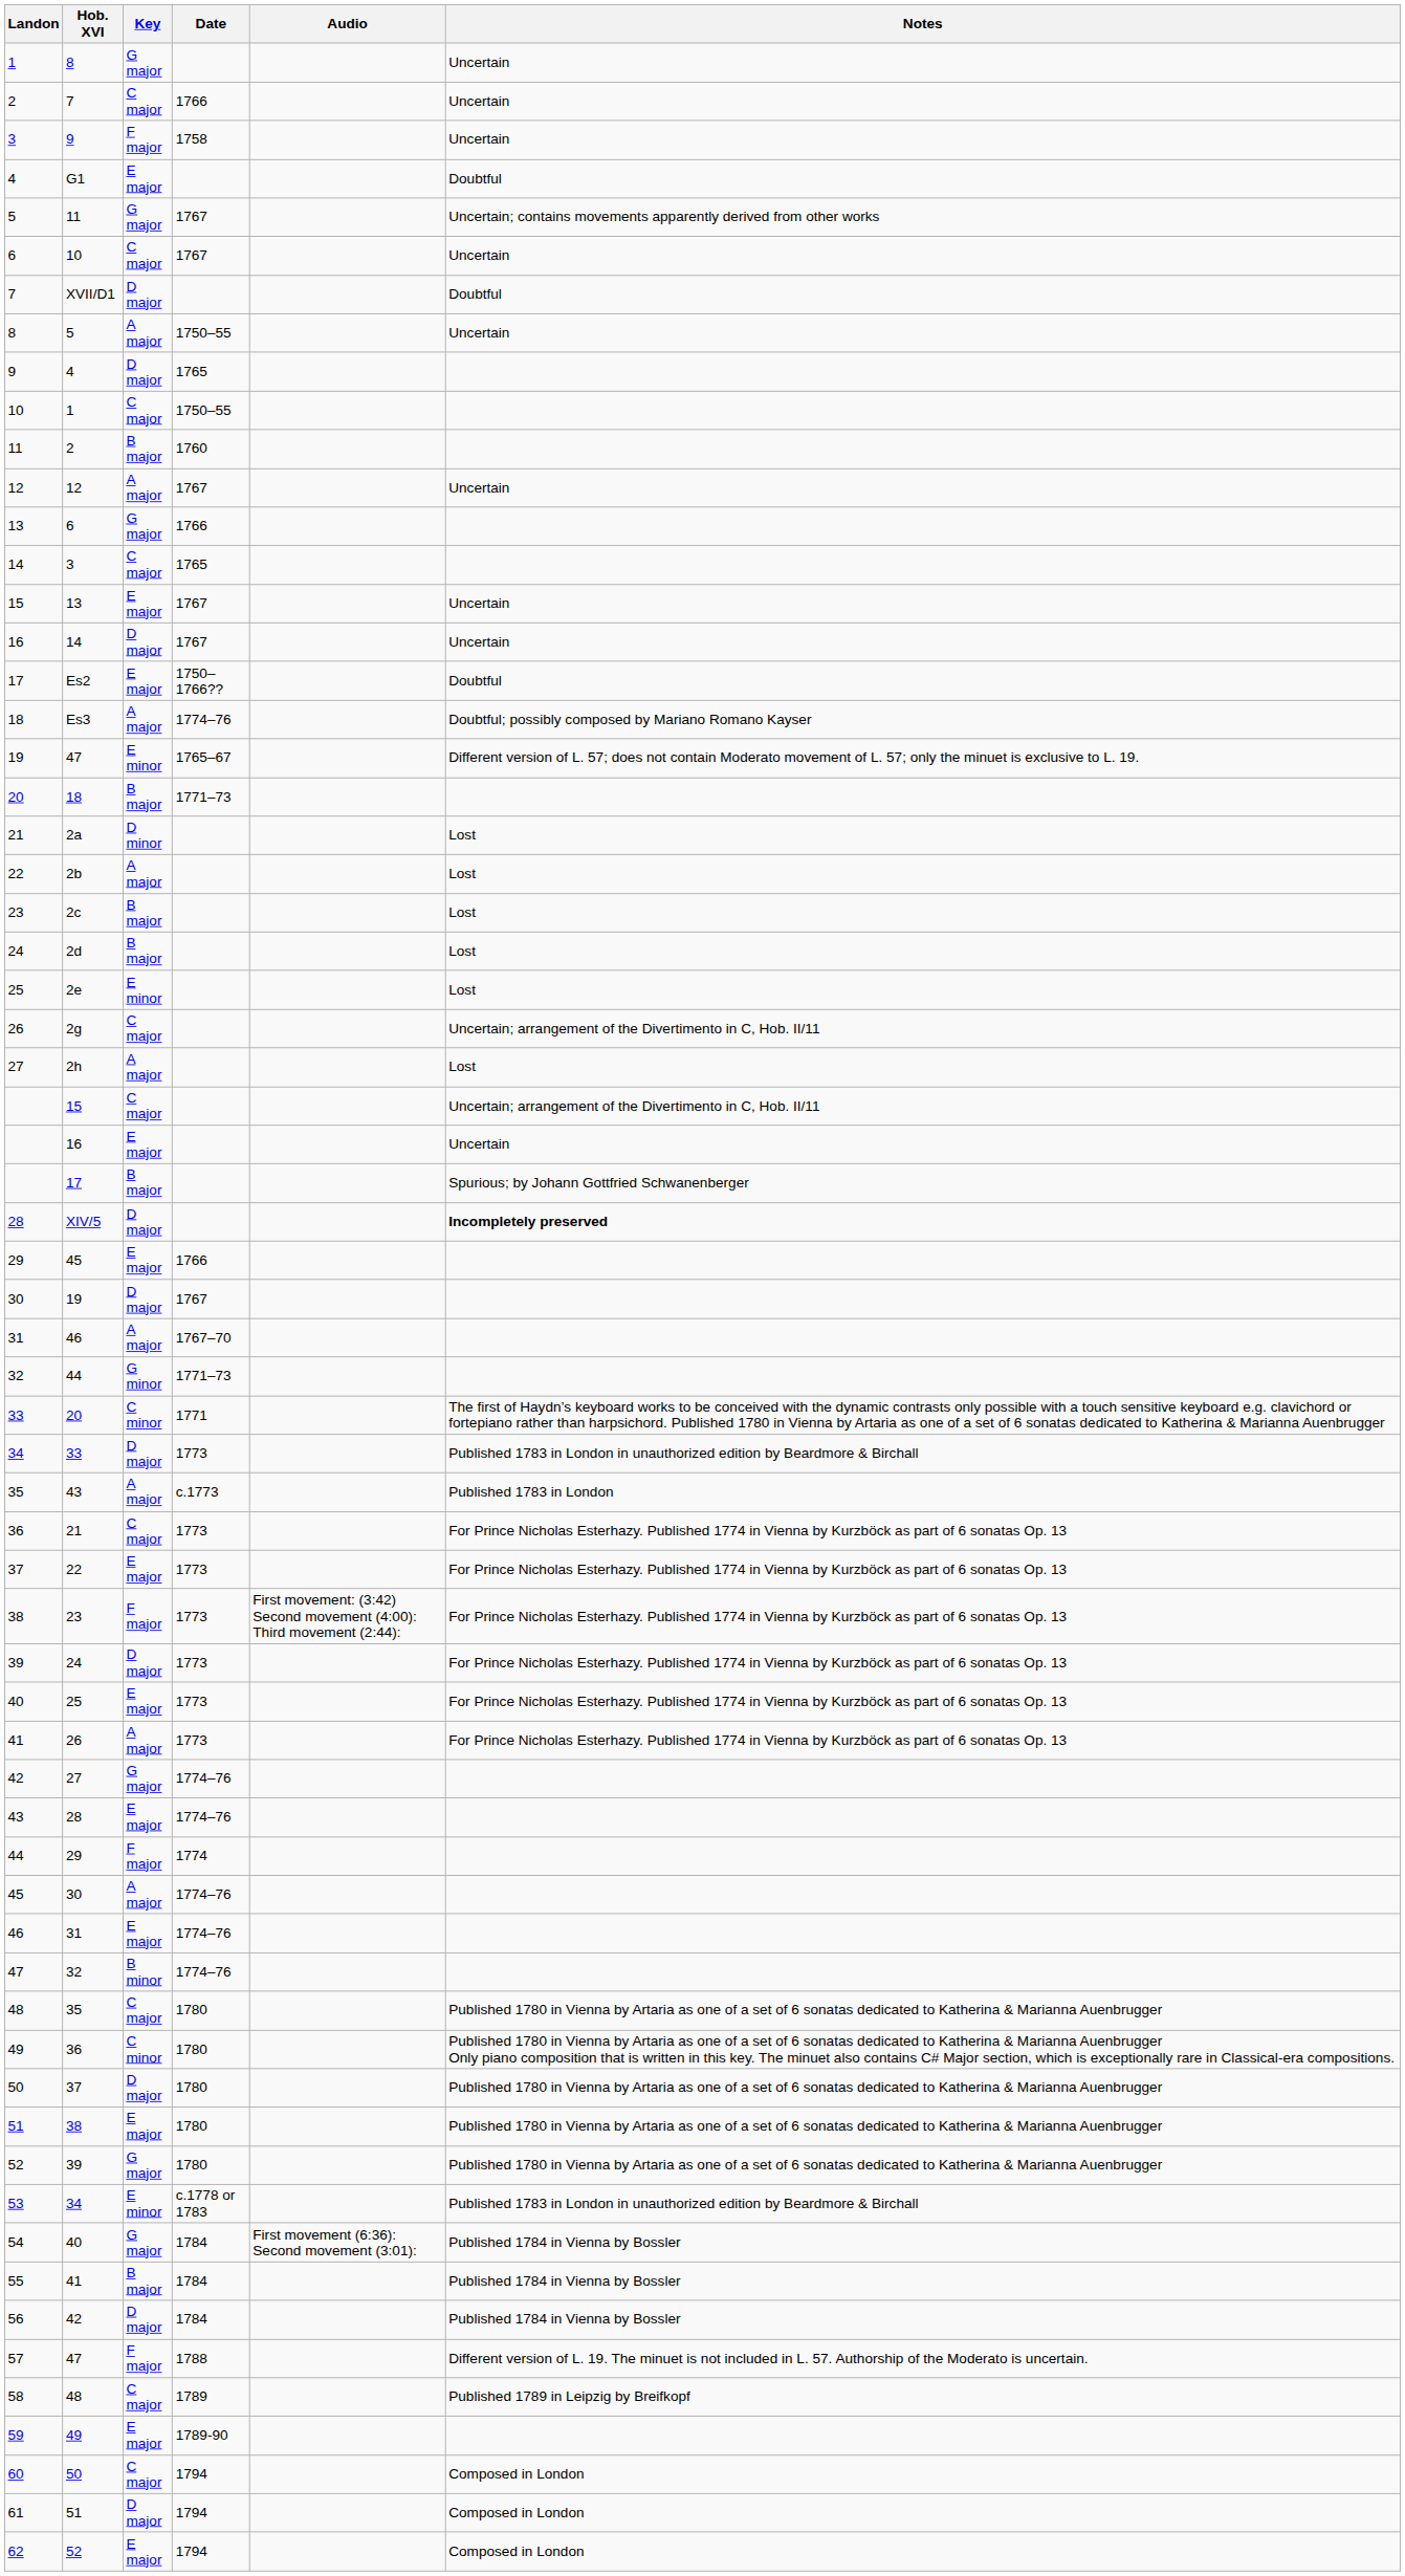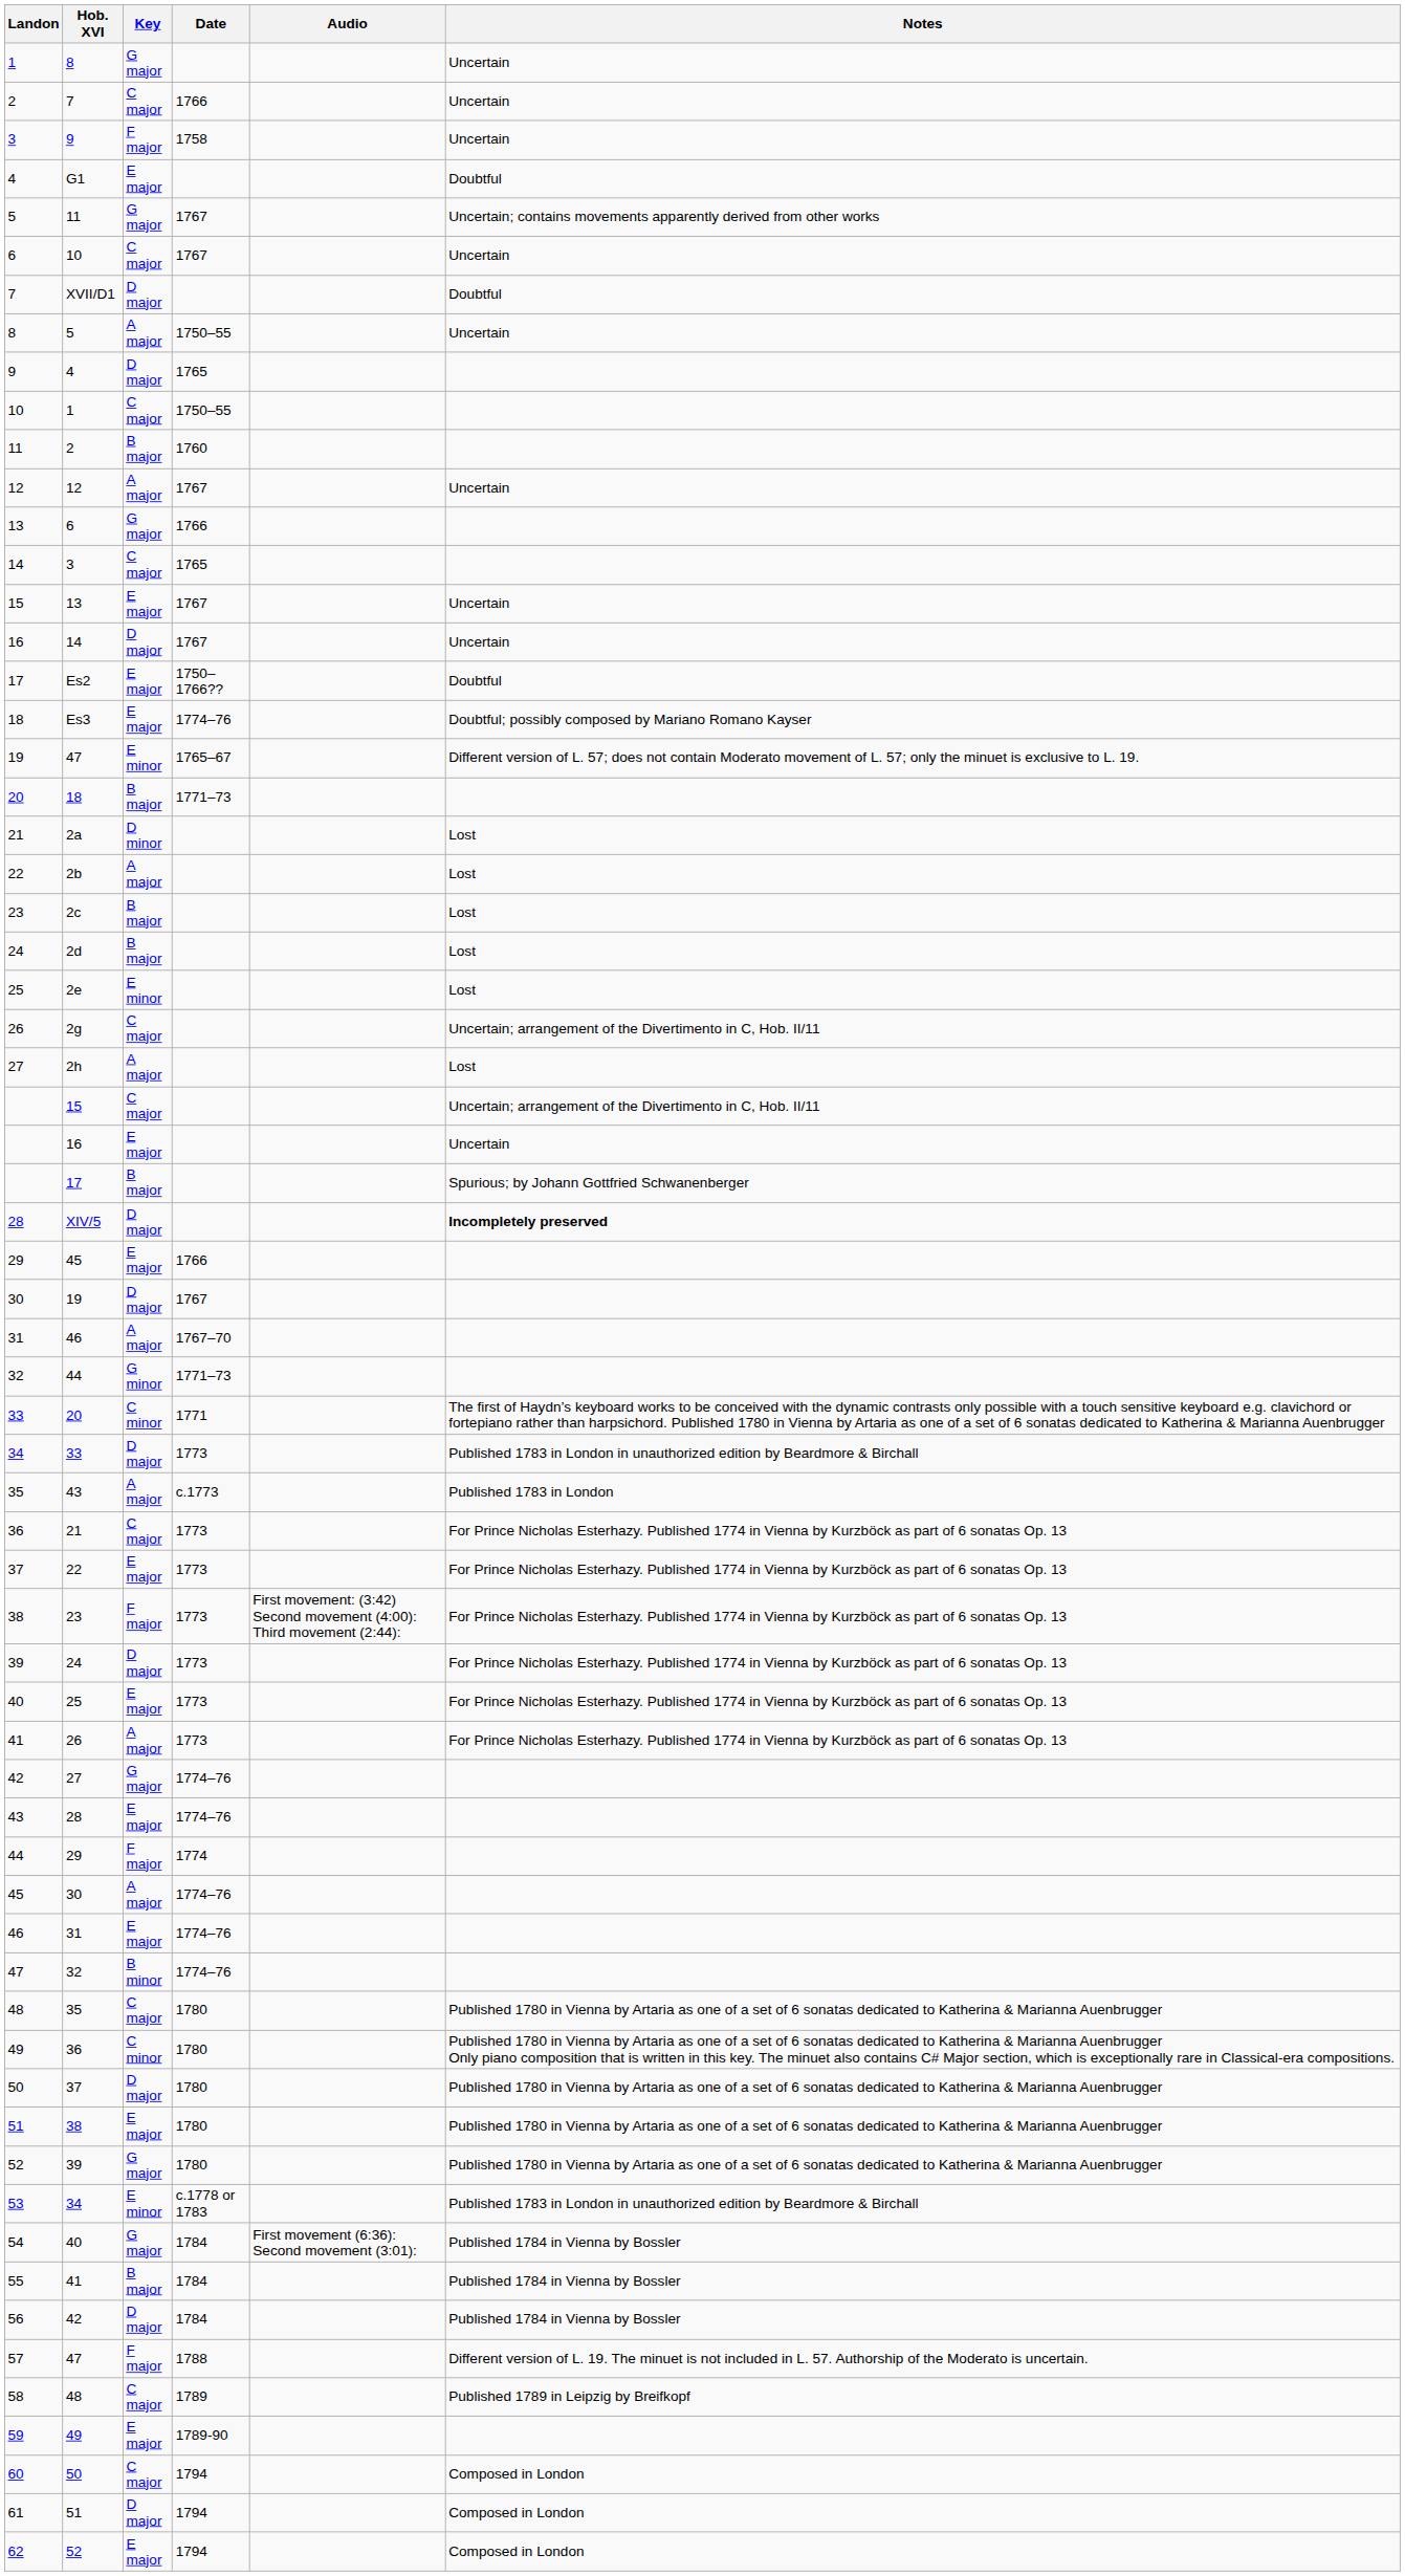 <table class="wikitable sortable">
 <tr>
 <th>Landon</th>
 <th>Hob. XVI</th>
 <th><a href='#'>Key</a></th>
 <th>Date</th>
 <th>Audio</th>
 <th>Notes</th>
 </tr>
 <tr>
 <td><a href='#'>1</a></td>
 <td><a href='#'>8</a></td>
 <td><a href='#'>G major</a></td>
 <td 1766></td>
 <td></td>
 <td>Uncertain</td>
 </tr>
 <tr>
 <td>2</td>
 <td>7</td>
 <td><a href='#'>C major</a></td>
 <td>1766</td>
 <td></td>
 <td>Uncertain</td>
 </tr>
 <tr>
 <td><a href='#'>3</a></td>
 <td><a href='#'>9</a></td>
 <td><a href='#'>F major</a></td>
 <td>1758</td>
 <td></td>
 <td>Uncertain</td>
 </tr>
 <tr>
 <td>4</td>
 <td>G1</td>
 <td><a href='#'>E major</a></td>
 <td></td>
 <td></td>
 <td>Doubtful</td>
 </tr>
 <tr>
 <td>5</td>
 <td>11</td>
 <td><a href='#'>G major</a></td>
 <td>1767</td>
 <td></td>
 <td>Uncertain; contains movements apparently derived from other works</td>
 </tr>
 <tr>
 <td>6</td>
 <td>10</td>
 <td><a href='#'>C major</a></td>
 <td>1767</td>
 <td></td>
 <td>Uncertain</td>
 </tr>
 <tr>
 <td>7</td>
 <td>XVII/D1</td>
 <td><a href='#'>D major</a></td>
 <td></td>
 <td></td>
 <td>Doubtful</td>
 </tr>
 <tr>
 <td>8</td>
 <td>5</td>
 <td><a href='#'>A major</a></td>
 <td>1750–55</td>
 <td></td>
 <td>Uncertain</td>
 </tr>
 <tr>
 <td>9</td>
 <td>4</td>
 <td><a href='#'>D major</a></td>
 <td>1765</td>
 <td></td>
 <td></td>
 </tr>
 <tr>
 <td>10</td>
 <td>1</td>
 <td><a href='#'>C major</a></td>
 <td>1750–55</td>
 <td></td>
 <td></td>
 </tr>
 <tr>
 <td>11</td>
 <td>2</td>
 <td><a href='#'>B major</a></td>
 <td>1760</td>
 <td></td>
 <td></td>
 </tr>
 <tr>
 <td>12</td>
 <td>12</td>
 <td><a href='#'>A major</a></td>
 <td>1767</td>
 <td></td>
 <td>Uncertain</td>
 </tr>
 <tr>
 <td>13</td>
 <td>6</td>
 <td><a href='#'>G major</a></td>
 <td>1766</td>
 <td></td>
 <td></td>
 </tr>
 <tr>
 <td>14</td>
 <td>3</td>
 <td><a href='#'>C major</a></td>
 <td>1765</td>
 <td></td>
 <td></td>
 </tr>
 <tr>
 <td>15</td>
 <td>13</td>
 <td><a href='#'>E major</a></td>
 <td>1767</td>
 <td></td>
 <td>Uncertain</td>
 </tr>
 <tr>
 <td>16</td>
 <td>14</td>
 <td><a href='#'>D major</a></td>
 <td>1767</td>
 <td></td>
 <td>Uncertain</td>
 </tr>
 <tr>
 <td>17</td>
 <td>Es2</td>
 <td><a href='#'>E major</a></td>
 <td>1750–1766??</td>
 <td></td>
 <td>Doubtful</td>
 </tr>
 <tr>
 <td>18</td>
 <td>Es3</td>
-<td><a href='#'>A major</a></td>
+<td><a href='#'>E major</a></td>
 <td>1774–76</td>
 <td></td>
 <td>Doubtful; possibly composed by Mariano Romano Kayser</td>
 </tr>
 <tr>
 <td>19</td>
 <td>47</td>
 <td><a href='#'>E minor</a></td>
 <td>1765–67</td>
 <td></td>
 <td>Different version of L. 57; does not contain Moderato movement of L. 57; only the minuet is exclusive to L. 19.</td>
 </tr>
 <tr>
 <td><a href='#'>20</a></td>
 <td><a href='#'>18</a></td>
 <td><a href='#'>B major</a></td>
 <td>1771–73</td>
 <td></td>
 <td></td>
 </tr>
 <tr>
 <td>21</td>
 <td>2a</td>
 <td><a href='#'>D minor</a></td>
 <td></td>
 <td></td>
 <td>Lost</td>
 </tr>
 <tr>
 <td>22</td>
 <td>2b</td>
 <td><a href='#'>A major</a></td>
 <td></td>
 <td></td>
 <td>Lost</td>
 </tr>
 <tr>
 <td>23</td>
 <td>2c</td>
 <td><a href='#'>B major</a></td>
 <td></td>
 <td></td>
 <td>Lost</td>
 </tr>
 <tr>
 <td>24</td>
 <td>2d</td>
 <td><a href='#'>B major</a></td>
 <td></td>
 <td></td>
 <td>Lost</td>
 </tr>
 <tr>
 <td>25</td>
 <td>2e</td>
 <td><a href='#'>E minor</a></td>
 <td></td>
 <td></td>
 <td>Lost</td>
 </tr>
 <tr>
 <td>26</td>
 <td>2g</td>
 <td><a href='#'>C major</a></td>
 <td></td>
 <td></td>
 <td>Uncertain; arrangement of the Divertimento in C, Hob. II/11</td>
 </tr>
 <tr>
 <td>27</td>
 <td>2h</td>
 <td><a href='#'>A major</a></td>
 <td></td>
 <td></td>
 <td>Lost</td>
 </tr>
 <tr>
 <td></td>
 <td><a href='#'>15</a></td>
 <td><a href='#'>C major</a></td>
 <td></td>
 <td></td>
 <td>Uncertain; arrangement of the Divertimento in C, Hob. II/11</td>
 </tr>
 <tr>
 <td></td>
 <td>16</td>
 <td><a href='#'>E major</a></td>
 <td></td>
 <td></td>
 <td>Uncertain</td>
 </tr>
 <tr>
 <td></td>
 <td><a href='#'>17</a></td>
 <td><a href='#'>B major</a></td>
 <td></td>
 <td></td>
 <td>Spurious; by Johann Gottfried Schwanenberger</td>
 </tr>
 <tr>
 <td><a href='#'>28</a></td>
 <td><a href='#'>XIV/5</a></td>
 <td><a href='#'>D major</a></td>
 <td></td>
 <td></td>
 <td><strong>Incompletely preserved</strong></td>
 </tr>
 <tr>
 <td>29</td>
 <td>45</td>
 <td><a href='#'>E major</a></td>
 <td>1766</td>
 <td></td>
 <td></td>
 </tr>
 <tr>
 <td>30</td>
 <td>19</td>
 <td><a href='#'>D major</a></td>
 <td>1767</td>
 <td></td>
 <td></td>
 </tr>
 <tr>
 <td>31</td>
 <td>46</td>
 <td><a href='#'>A major</a></td>
 <td>1767–70</td>
 <td></td>
 <td></td>
 </tr>
 <tr>
 <td>32</td>
 <td>44</td>
 <td><a href='#'>G minor</a></td>
 <td>1771–73</td>
 <td></td>
 <td></td>
 </tr>
 <tr>
 <td><a href='#'>33</a></td>
 <td><a href='#'>20</a></td>
 <td><a href='#'>C minor</a></td>
 <td>1771</td>
 <td></td>
 <td>The first of Haydn’s keyboard works to be conceived with the dynamic contrasts only possible with a touch sensitive keyboard e.g. clavichord or fortepiano rather than harpsichord. Published 1780 in Vienna by Artaria as one of a set of 6 sonatas dedicated to Katherina & Marianna Auenbrugger</td>
 </tr>
 <tr>
 <td><a href='#'>34</a></td>
 <td><a href='#'>33</a></td>
 <td><a href='#'>D major</a></td>
 <td>1773</td>
 <td></td>
 <td>Published 1783 in London in unauthorized edition by Beardmore & Birchall</td>
 </tr>
 <tr>
 <td>35</td>
 <td>43</td>
 <td><a href='#'>A major</a></td>
 <td>c.1773</td>
 <td></td>
 <td>Published 1783 in London</td>
 </tr>
 <tr>
 <td>36</td>
 <td>21</td>
 <td><a href='#'>C major</a></td>
 <td>1773</td>
 <td></td>
 <td>For Prince Nicholas Esterhazy. Published 1774 in Vienna by Kurzböck as part of 6 sonatas Op. 13</td>
 </tr>
 <tr>
 <td>37</td>
 <td>22</td>
 <td><a href='#'>E major</a></td>
 <td>1773</td>
 <td></td>
 <td>For Prince Nicholas Esterhazy. Published 1774 in Vienna by Kurzböck as part of 6 sonatas Op. 13</td>
 </tr>
 <tr>
 <td>38</td>
 <td>23</td>
 <td><a href='#'>F major</a></td>
 <td>1773</td>
 <td>First movement: (3:42) <br>Second movement (4:00):  Third movement (2:44): </td>
 <td>For Prince Nicholas Esterhazy. Published 1774 in Vienna by Kurzböck as part of 6 sonatas Op. 13</td>
 </tr>
 <tr>
 <td>39</td>
 <td>24</td>
 <td><a href='#'>D major</a></td>
 <td>1773</td>
 <td></td>
 <td>For Prince Nicholas Esterhazy. Published 1774 in Vienna by Kurzböck as part of 6 sonatas Op. 13</td>
 </tr>
 <tr>
 <td>40</td>
 <td>25</td>
 <td><a href='#'>E major</a></td>
 <td>1773</td>
 <td></td>
 <td>For Prince Nicholas Esterhazy. Published 1774 in Vienna by Kurzböck as part of 6 sonatas Op. 13</td>
 </tr>
 <tr>
 <td>41</td>
 <td>26</td>
 <td><a href='#'>A major</a></td>
 <td>1773</td>
 <td></td>
 <td>For Prince Nicholas Esterhazy. Published 1774 in Vienna by Kurzböck as part of 6 sonatas Op. 13</td>
 </tr>
 <tr>
 <td>42</td>
 <td>27</td>
 <td><a href='#'>G major</a></td>
 <td>1774–76</td>
 <td></td>
 <td></td>
 </tr>
 <tr>
 <td>43</td>
 <td>28</td>
 <td><a href='#'>E major</a></td>
 <td>1774–76</td>
 <td></td>
 <td></td>
 </tr>
 <tr>
 <td>44</td>
 <td>29</td>
 <td><a href='#'>F major</a></td>
 <td>1774</td>
 <td></td>
 <td></td>
 </tr>
 <tr>
 <td>45</td>
 <td>30</td>
 <td><a href='#'>A major</a></td>
 <td>1774–76</td>
 <td></td>
 <td></td>
 </tr>
 <tr>
 <td>46</td>
 <td>31</td>
 <td><a href='#'>E major</a></td>
 <td>1774–76</td>
 <td></td>
 <td></td>
 </tr>
 <tr>
 <td>47</td>
 <td>32</td>
 <td><a href='#'>B minor</a></td>
 <td>1774–76</td>
 <td></td>
 <td></td>
 </tr>
 <tr>
 <td>48</td>
 <td>35</td>
 <td><a href='#'>C major</a></td>
 <td>1780</td>
 <td></td>
 <td>Published 1780 in Vienna by Artaria as one of a set of 6 sonatas dedicated to Katherina & Marianna Auenbrugger</td>
 </tr>
 <tr>
 <td>49</td>
 <td>36</td>
 <td><a href='#'>C minor</a></td>
 <td>1780</td>
 <td></td>
 <td>Published 1780 in Vienna by Artaria as one of a set of 6 sonatas dedicated to Katherina & Marianna Auenbrugger<br>Only piano composition that is written in this key. The minuet also contains C# Major section, which is exceptionally rare in Classical-era compositions.</td>
 </tr>
 <tr>
 <td>50</td>
 <td>37</td>
 <td><a href='#'>D major</a></td>
 <td>1780</td>
 <td></td>
 <td>Published 1780 in Vienna by Artaria as one of a set of 6 sonatas dedicated to Katherina & Marianna Auenbrugger</td>
 </tr>
 <tr>
 <td><a href='#'>51</a></td>
 <td><a href='#'>38</a></td>
 <td><a href='#'>E major</a></td>
 <td>1780</td>
 <td></td>
 <td>Published 1780 in Vienna by Artaria as one of a set of 6 sonatas dedicated to Katherina & Marianna Auenbrugger</td>
 </tr>
 <tr>
 <td>52</td>
 <td>39</td>
 <td><a href='#'>G major</a></td>
 <td>1780</td>
 <td></td>
 <td>Published 1780 in Vienna by Artaria as one of a set of 6 sonatas dedicated to Katherina & Marianna Auenbrugger</td>
 </tr>
 <tr>
 <td><a href='#'>53</a></td>
 <td><a href='#'>34</a></td>
 <td><a href='#'>E minor</a></td>
 <td>c.1778 or 1783</td>
 <td></td>
 <td>Published 1783 in London in unauthorized edition by Beardmore & Birchall</td>
 </tr>
 <tr>
 <td>54</td>
 <td>40</td>
 <td><a href='#'>G major</a></td>
 <td>1784</td>
 <td>First movement (6:36):  Second movement (3:01): </td>
 <td>Published 1784 in Vienna by Bossler</td>
 </tr>
 <tr>
 <td>55</td>
 <td>41</td>
 <td><a href='#'>B major</a></td>
 <td>1784</td>
 <td></td>
 <td>Published 1784 in Vienna by Bossler</td>
 </tr>
 <tr id="Landon 56">
 <td>56</td>
 <td>42</td>
 <td><a href='#'>D major</a></td>
 <td>1784</td>
 <td></td>
 <td>Published 1784 in Vienna by Bossler</td>
 </tr>
 <tr>
 <td>57</td>
 <td>47</td>
 <td><a href='#'>F major</a></td>
 <td>1788</td>
 <td></td>
 <td>Different version of L. 19. The minuet is not included in L. 57. Authorship of the Moderato is uncertain.</td>
 </tr>
 <tr>
 <td>58</td>
 <td>48</td>
 <td><a href='#'>C major</a></td>
 <td>1789</td>
 <td></td>
 <td>Published 1789 in Leipzig by Breifkopf</td>
 </tr>
 <tr>
 <td><a href='#'>59</a></td>
 <td><a href='#'>49</a></td>
 <td><a href='#'>E major</a></td>
 <td>1789-90</td>
 <td></td>
 <td></td>
 </tr>
 <tr>
 <td><a href='#'>60</a></td>
 <td><a href='#'>50</a></td>
 <td><a href='#'>C major</a></td>
 <td>1794</td>
 <td></td>
 <td>Composed in London</td>
 </tr>
 <tr>
 <td>61</td>
 <td>51</td>
 <td><a href='#'>D major</a></td>
 <td>1794</td>
 <td></td>
 <td>Composed in London</td>
 </tr>
 <tr>
 <td><a href='#'>62</a></td>
 <td><a href='#'>52</a></td>
 <td><a href='#'>E major</a></td>
 <td>1794</td>
 <td></td>
 <td>Composed in London</td>
 </tr>
 </table>
